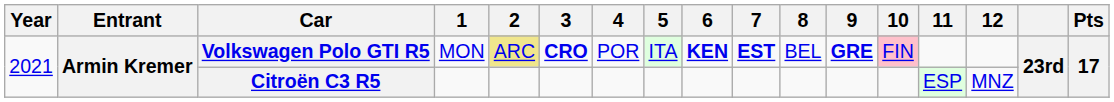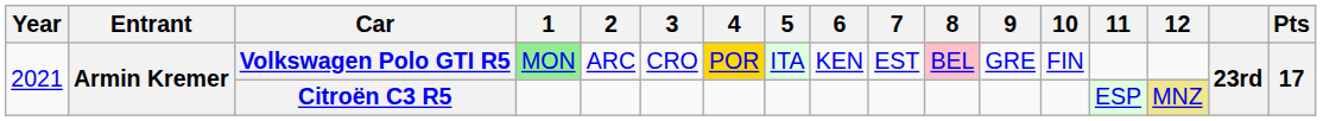 <table class="wikitable" style="text-align:center; font-size:90%">
 <tr>
 <th>Year</th>
 <th>Entrant</th>
 <th>Car</th>
 <th>1</th>
 <th>2</th>
 <th>3</th>
 <th>4</th>
 <th>5</th>
 <th>6</th>
 <th>7</th>
 <th>8</th>
 <th>9</th>
 <th>10</th>
 <th>11</th>
 <th>12</th>
 <th></th>
 <th>Pts</th>
 </tr>
 <tr>
 <td rowspan=2><a href='#'>2021</a></td>
 <th rowspan=2>Armin Kremer</th>
 <th><a href='#'>Volkswagen Polo GTI R5</a></th>
-<td><a href='#'>MON</a></td>
-<td style="background: khaki;"><a href='#'>ARC</a></td>
-<td><strong><a href='#'>CRO</a></strong></td>
-<td><a href='#'>POR</a></td>
+<td style="background: lightgreen;"><a href='#'>MON</a></td>
+<td><a href='#'>ARC</a></td>
+<td><a href='#'>CRO</a></td>
+<td style="background: gold;"><a href='#'>POR</a></td>
 <td style="background:#DFFFDF;"><a href='#'>ITA</a><br></td>
-<td><strong><a href='#'>KEN</a></strong></td>
-<td><strong><a href='#'>EST</a></strong></td>
-<td><a href='#'>BEL</a></td>
-<td><strong><a href='#'>GRE</a></strong></td>
-<td style="background: pink;"><a href='#'>FIN</a></td>
+<td><a href='#'>KEN</a></td>
+<td><a href='#'>EST</a></td>
+<td style="background: pink;"><a href='#'>BEL</a></td>
+<td><a href='#'>GRE</a></td>
+<td><a href='#'>FIN</a></td>
 <td></td>
 <td></td>
 <th rowspan=2>23rd</th>
 <th rowspan=2>17</th>
 </tr>
 <tr>
 <th><a href='#'>Citroën C3 R5</a></th>
 <td></td>
 <td></td>
 <td></td>
 <td></td>
 <td></td>
 <td></td>
 <td></td>
 <td></td>
 <td></td>
 <td></td>
 <td style="background:#DFFFDF;"><a href='#'>ESP</a><br></td>
-<td><a href='#'>MNZ</a></td>
+<td style="background: khaki;"><a href='#'>MNZ</a></td>
 </tr>
 </table>
